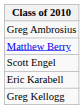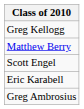 <table class="wikitable" border="1">
 <tr>
 <th>Class of 2010</th>
 </tr>
 <tr>
-<td>Greg Ambrosius</td>
+<td>Greg Kellogg</td>
 </tr>
 <tr>
 <td><a href='#'>Matthew Berry</a></td>
 </tr>
 <tr>
 <td>Scott Engel</td>
 </tr>
 <tr>
 <td>Eric Karabell</td>
 </tr>
 <tr>
-<td>Greg Kellogg</td>
+<td>Greg Ambrosius</td>
 </tr>
 </table>
